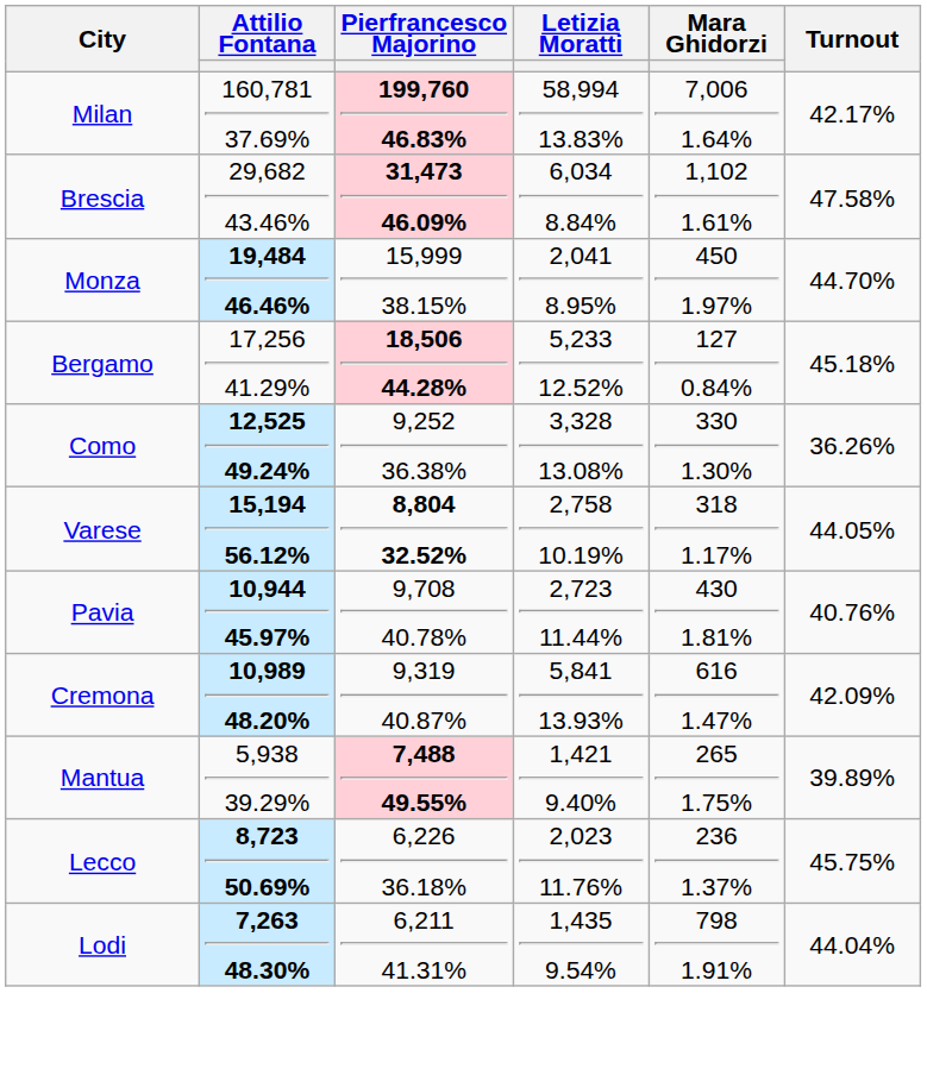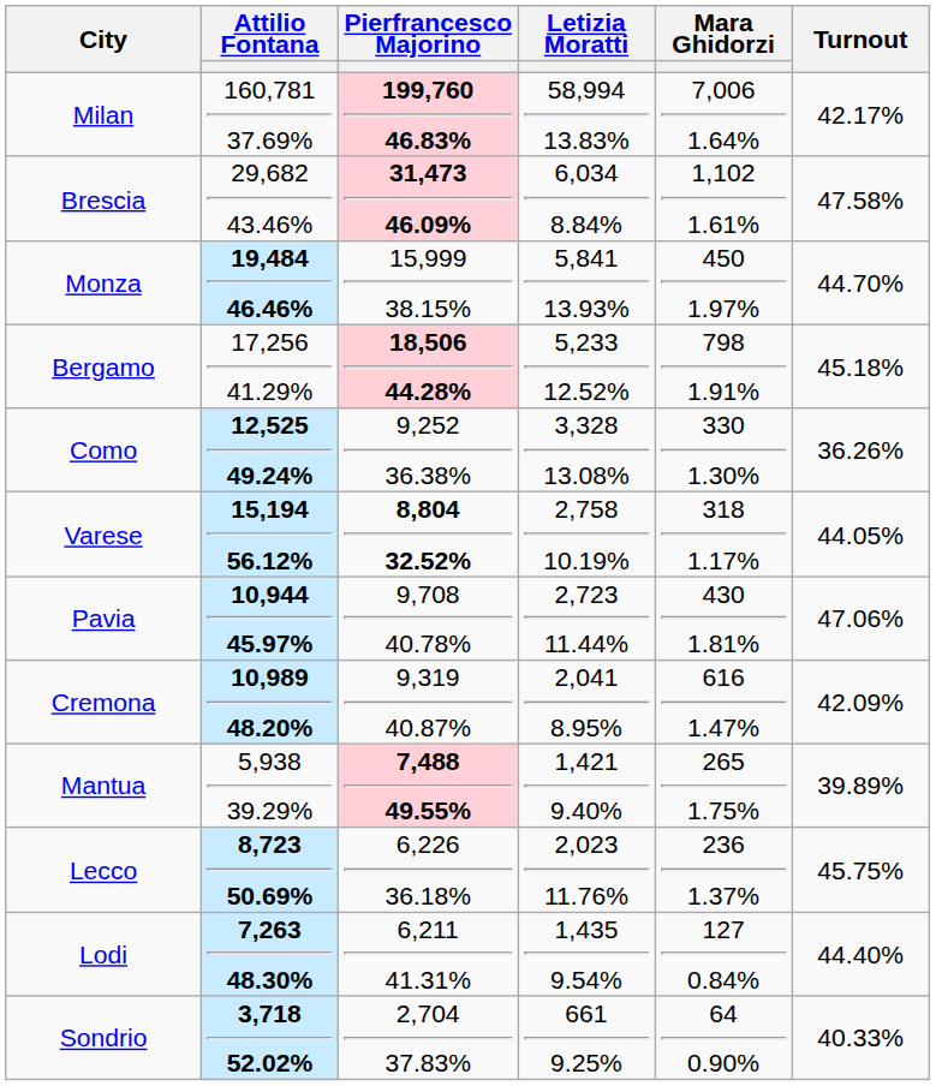 <table class="wikitable" style="text-align:center;font-size:95%;line-height:13px">
 <tr style="height:30px; background-color:#E9E9E9">
 <th style="width:110px;" rowspan="2">City</th>
 <th style="width:75px;"><a href='#'>Attilio Fontana</a></th>
 <th style="width:75px;"><a href='#'>Pierfrancesco Majorino</a></th>
 <th style="width:75px;"><a href='#'>Letizia Moratti</a></th>
 <th style="width:75px;">Mara Ghidorzi</th>
 <th rowspan="2" style="width:75px;">Turnout</th>
 </tr>
 <tr>
 <th style="background:"></th>
 <th style="background:"></th>
 <th style="background:"></th>
 <th style="background:"></th>
 </tr>
 <tr>
 <td><a href='#'>Milan</a></td>
 <td>160,781 <hr>37.69%</td>
 <td style="background:#FFD0D7"><strong>199,760 <hr>46.83%</strong></td>
 <td>58,994 <hr>13.83%</td>
 <td>7,006 <hr>1.64%</td>
 <td>42.17%</td>
 </tr>
 <tr>
 <td><a href='#'>Brescia</a></td>
 <td>29,682 <hr>43.46%</td>
 <td style="background:#FFD0D7"><strong>31,473 <hr>46.09%</strong></td>
 <td>6,034 <hr>8.84%</td>
 <td>1,102 <hr>1.61%</td>
 <td>47.58%</td>
 </tr>
 <tr>
 <td><a href='#'>Monza</a></td>
 <td style="background:#C8EBFF"><strong>19,484 <hr>46.46%</strong></td>
 <td>15,999 <hr>38.15%</td>
-<td>2,041 <hr>8.95%</td>
+<td>5,841 <hr>13.93%</td>
 <td>450 <hr>1.97%</td>
 <td>44.70%</td>
 </tr>
 <tr>
 <td><a href='#'>Bergamo</a></td>
 <td>17,256 <hr>41.29%</td>
 <td style="background:#FFD0D7"><strong>18,506 <hr>44.28%</strong></td>
 <td>5,233 <hr>12.52%</td>
-<td>127 <hr>0.84%</td>
+<td>798 <hr>1.91%</td>
 <td>45.18%</td>
 </tr>
 <tr>
 <td><a href='#'>Como</a></td>
 <td style="background:#C8EBFF"><strong>12,525 <hr>49.24%</strong></td>
 <td>9,252 <hr>36.38%</td>
 <td>3,328 <hr>13.08%</td>
 <td>330 <hr>1.30%</td>
 <td>36.26%</td>
 </tr>
 <tr>
 <td><a href='#'>Varese</a></td>
 <td style="background:#C8EBFF"><strong>15,194 <hr>56.12%</strong></td>
 <td><strong>8,804 <hr>32.52%</strong></td>
 <td>2,758 <hr>10.19%</td>
 <td>318 <hr>1.17%</td>
 <td>44.05%</td>
 </tr>
 <tr>
 <td><a href='#'>Pavia</a></td>
 <td style="background:#C8EBFF"><strong>10,944 <hr>45.97%</strong></td>
 <td>9,708 <hr>40.78%</td>
 <td>2,723 <hr>11.44%</td>
 <td>430 <hr>1.81%</td>
-<td>40.76%</td>
+<td>47.06%</td>
 </tr>
 <tr>
 <td><a href='#'>Cremona</a></td>
 <td style="background:#C8EBFF"><strong>10,989 <hr>48.20%</strong></td>
 <td>9,319 <hr>40.87%</td>
-<td>5,841 <hr>13.93%</td>
+<td>2,041 <hr>8.95%</td>
 <td>616 <hr>1.47%</td>
 <td>42.09%</td>
 </tr>
 <tr>
 <td><a href='#'>Mantua</a></td>
 <td>5,938 <hr>39.29%</td>
 <td style="background:#FFD0D7"><strong>7,488 <hr>49.55%</strong></td>
 <td>1,421 <hr>9.40%</td>
 <td>265 <hr>1.75%</td>
 <td>39.89%</td>
 </tr>
 <tr>
 <td><a href='#'>Lecco</a></td>
 <td style="background:#C8EBFF"><strong>8,723 <hr>50.69%</strong></td>
 <td>6,226 <hr>36.18%</td>
 <td>2,023 <hr>11.76%</td>
 <td>236 <hr>1.37%</td>
 <td>45.75%</td>
 </tr>
 <tr>
 <td><a href='#'>Lodi</a></td>
 <td style="background:#C8EBFF"><strong>7,263 <hr>48.30%</strong></td>
 <td>6,211 <hr>41.31%</td>
 <td>1,435 <hr>9.54%</td>
-<td>798 <hr>1.91%</td>
-<td>44.04%</td>
+<td>127 <hr>0.84%</td>
+<td>44.40%</td>
+</tr>
+<tr>
+<td><a href='#'>Sondrio</a></td>
+<td style="background:#C8EBFF"><strong>3,718 <hr>52.02%</strong></td>
+<td>2,704 <hr>37.83%</td>
+<td>661 <hr>9.25%</td>
+<td>64 <hr>0.90%</td>
+<td>40.33%</td>
 </tr>
 </table>
